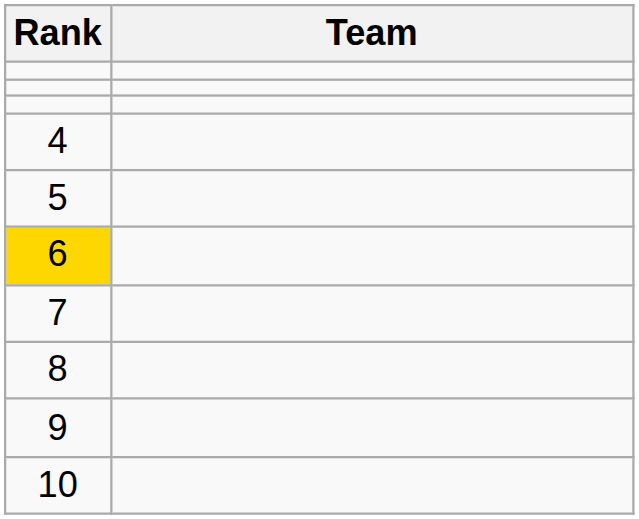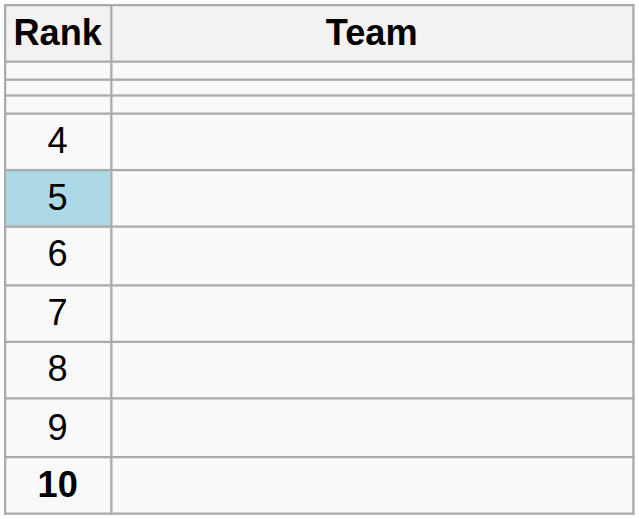 <table class="wikitable">
 <tr>
 <th>Rank</th>
 <th style="width:14em">Team</th>
 </tr>
 <tr>
 <td align=center></td>
 <td></td>
 </tr>
 <tr>
 <td align=center></td>
 <td></td>
 </tr>
 <tr>
 <td align=center></td>
 <td></td>
 </tr>
 <tr>
 <td align=center>4</td>
 <td></td>
 </tr>
 <tr>
-<td align=center>5</td>
+<td align=center style="background: lightblue;">5</td>
 <td></td>
 </tr>
 <tr>
-<td align=center style="background: gold;">6</td>
+<td align=center>6</td>
 <td></td>
 </tr>
 <tr>
 <td align=center>7</td>
 <td></td>
 </tr>
 <tr>
 <td align=center>8</td>
 <td></td>
 </tr>
 <tr>
 <td align=center>9</td>
 <td></td>
 </tr>
 <tr>
-<td align=center>10</td>
+<td align=center><strong>10</strong></td>
 <td></td>
 </tr>
 </table>
